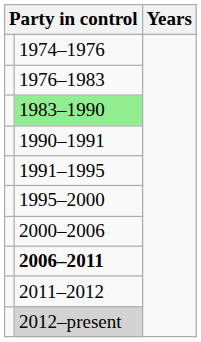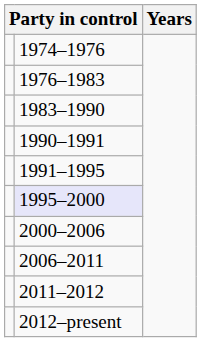 <table class="wikitable">
 <tr>
 <th colspan="2">Party in control</th>
 <th>Years</th>
 </tr>
 <tr>
 <td></td>
 <td>1974–1976</td>
 </tr>
 <tr>
 <td></td>
 <td>1976–1983</td>
 </tr>
 <tr>
 <td></td>
-<td style="background: lightgreen;">1983–1990</td>
+<td>1983–1990</td>
 </tr>
 <tr>
 <td></td>
 <td>1990–1991</td>
 </tr>
 <tr>
 <td></td>
 <td>1991–1995</td>
 </tr>
 <tr>
 <td></td>
-<td>1995–2000</td>
+<td style="background: lavender;">1995–2000</td>
 </tr>
 <tr>
 <td></td>
 <td>2000–2006</td>
 </tr>
 <tr>
 <td></td>
-<td><strong>2006–2011</strong></td>
+<td>2006–2011</td>
 </tr>
 <tr>
 <td></td>
 <td>2011–2012</td>
 </tr>
 <tr>
 <td></td>
-<td style="background: lightgrey;">2012–present</td>
+<td>2012–present</td>
 </tr>
 </table>
